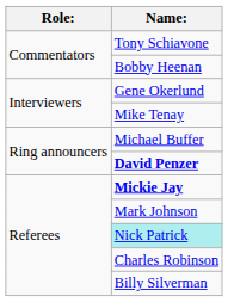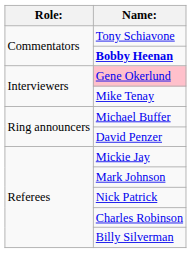 <table class=wikitable style="font-size:90%; margin: 0.5em 0 0.5em 1em; float: right; clear: right;">
 <tr>
 <th>Role:</th>
 <th>Name:</th>
 </tr>
 <tr>
 <td rowspan=2>Commentators</td>
 <td><a href='#'>Tony Schiavone</a></td>
 </tr>
 <tr>
-<td><a href='#'>Bobby Heenan</a></td>
+<td><strong><a href='#'>Bobby Heenan</a></strong></td>
 </tr>
 <tr>
 <td rowspan=2>Interviewers</td>
-<td><a href='#'>Gene Okerlund</a></td>
+<td style="background: pink;"><a href='#'>Gene Okerlund</a></td>
 </tr>
 <tr>
 <td><a href='#'>Mike Tenay</a></td>
 </tr>
 <tr>
 <td rowspan=2>Ring announcers</td>
 <td><a href='#'>Michael Buffer</a></td>
 </tr>
 <tr>
-<td><strong><a href='#'>David Penzer</a></strong></td>
+<td><a href='#'>David Penzer</a></td>
 </tr>
 <tr>
 <td rowspan=5>Referees</td>
-<td><strong><a href='#'>Mickie Jay</a></strong></td>
+<td><a href='#'>Mickie Jay</a></td>
 </tr>
 <tr>
 <td><a href='#'>Mark Johnson</a></td>
 </tr>
 <tr>
-<td style="background: paleturquoise;"><a href='#'>Nick Patrick</a></td>
+<td><a href='#'>Nick Patrick</a></td>
 </tr>
 <tr>
 <td><a href='#'>Charles Robinson</a></td>
 </tr>
 <tr>
 <td><a href='#'>Billy Silverman</a></td>
 </tr>
 </table>
